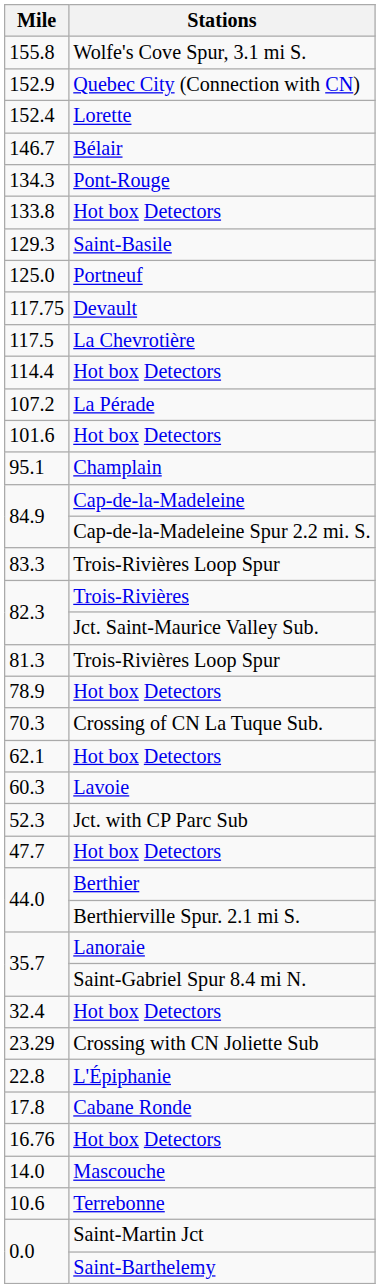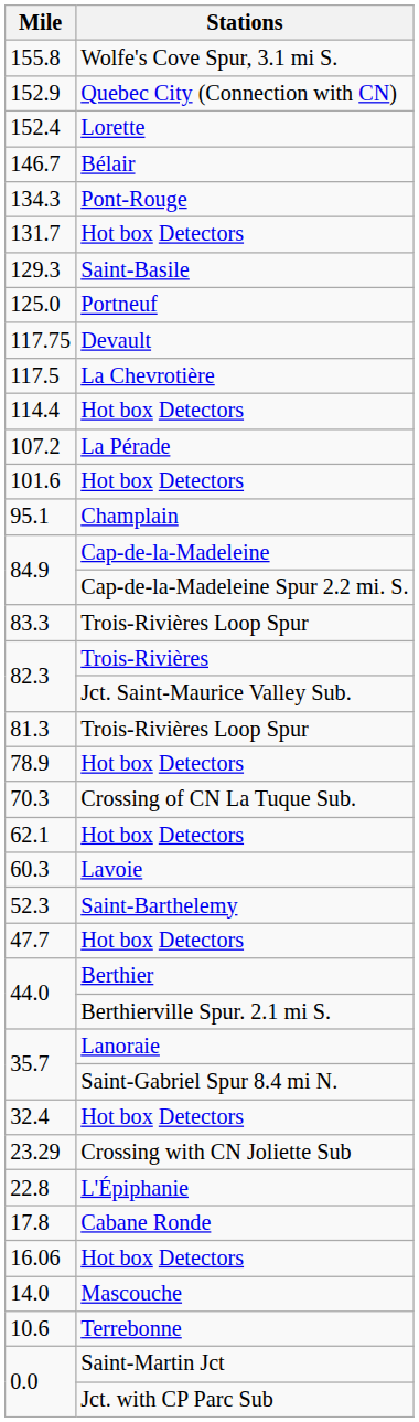 <table class="wikitable">
 <tr>
 <th>Mile</th>
 <th>Stations</th>
 </tr>
 <tr>
 <td>155.8</td>
 <td>Wolfe's Cove Spur, 3.1 mi S.</td>
 </tr>
 <tr>
 <td>152.9</td>
 <td><a href='#'>Quebec City</a> (Connection with <a href='#'>CN</a>)</td>
 </tr>
 <tr>
 <td>152.4</td>
 <td><a href='#'>Lorette</a></td>
 </tr>
 <tr>
 <td>146.7</td>
 <td><a href='#'>Bélair</a></td>
 </tr>
 <tr>
 <td>134.3</td>
 <td><a href='#'>Pont-Rouge</a></td>
 </tr>
 <tr>
-<td>133.8</td>
+<td>131.7</td>
 <td><a href='#'>Hot box</a> <a href='#'>Detectors</a></td>
 </tr>
 <tr>
 <td>129.3</td>
 <td><a href='#'>Saint-Basile</a></td>
 </tr>
 <tr>
 <td>125.0</td>
 <td><a href='#'>Portneuf</a></td>
 </tr>
 <tr>
 <td>117.75</td>
 <td><a href='#'>Devault</a></td>
 </tr>
 <tr>
 <td>117.5</td>
 <td><a href='#'>La Chevrotière</a></td>
 </tr>
 <tr>
 <td>114.4</td>
 <td><a href='#'>Hot box</a> <a href='#'>Detectors</a></td>
 </tr>
 <tr>
 <td>107.2</td>
 <td><a href='#'>La Pérade</a></td>
 </tr>
 <tr>
 <td>101.6</td>
 <td><a href='#'>Hot box</a> <a href='#'>Detectors</a></td>
 </tr>
 <tr>
 <td>95.1</td>
 <td><a href='#'>Champlain</a></td>
 </tr>
 <tr>
 <td Rowspan="2">84.9</td>
 <td><a href='#'>Cap-de-la-Madeleine</a></td>
 </tr>
 <tr>
 <td>Cap-de-la-Madeleine Spur 2.2 mi. S.</td>
 </tr>
 <tr>
 <td>83.3</td>
 <td>Trois-Rivières Loop Spur</td>
 </tr>
 <tr>
 <td Rowspan="2">82.3</td>
 <td><a href='#'>Trois-Rivières</a></td>
 </tr>
 <tr>
 <td>Jct. Saint-Maurice Valley Sub.</td>
 </tr>
 <tr>
 <td>81.3</td>
 <td>Trois-Rivières Loop Spur</td>
 </tr>
 <tr>
 <td>78.9</td>
 <td><a href='#'>Hot box</a> <a href='#'>Detectors</a></td>
 </tr>
 <tr>
 <td>70.3</td>
 <td>Crossing of CN La Tuque Sub.</td>
 </tr>
 <tr>
 <td>62.1</td>
 <td><a href='#'>Hot box</a> <a href='#'>Detectors</a></td>
 </tr>
 <tr>
 <td>60.3</td>
 <td><a href='#'>Lavoie</a> </td>
 </tr>
 <tr>
 <td>52.3</td>
-<td>Jct. with CP Parc Sub</td>
+<td><a href='#'>Saint-Barthelemy</a></td>
 </tr>
 <tr>
 <td>47.7</td>
 <td><a href='#'>Hot box</a> <a href='#'>Detectors</a></td>
 </tr>
 <tr>
 <td Rowspan="2">44.0</td>
 <td><a href='#'>Berthier</a></td>
 </tr>
 <tr>
 <td>Berthierville Spur. 2.1 mi S.</td>
 </tr>
 <tr>
 <td Rowspan="2">35.7</td>
 <td><a href='#'>Lanoraie</a></td>
 </tr>
 <tr>
 <td>Saint-Gabriel Spur 8.4 mi N.</td>
 </tr>
 <tr>
 <td>32.4</td>
 <td><a href='#'>Hot box</a> <a href='#'>Detectors</a></td>
 </tr>
 <tr>
 <td>23.29</td>
 <td>Crossing with CN Joliette Sub</td>
 </tr>
 <tr>
 <td>22.8</td>
 <td><a href='#'>L'Épiphanie</a></td>
 </tr>
 <tr>
 <td>17.8</td>
 <td><a href='#'>Cabane Ronde</a></td>
 </tr>
 <tr>
-<td>16.76</td>
+<td>16.06</td>
 <td><a href='#'>Hot box</a> <a href='#'>Detectors</a></td>
 </tr>
 <tr>
 <td>14.0</td>
 <td><a href='#'>Mascouche</a></td>
 </tr>
 <tr>
 <td>10.6</td>
 <td><a href='#'>Terrebonne</a></td>
 </tr>
 <tr>
 <td Rowspan="2">0.0</td>
 <td>Saint-Martin Jct</td>
 </tr>
 <tr>
-<td><a href='#'>Saint-Barthelemy</a></td>
+<td>Jct. with CP Parc Sub</td>
 </tr>
 </table>
